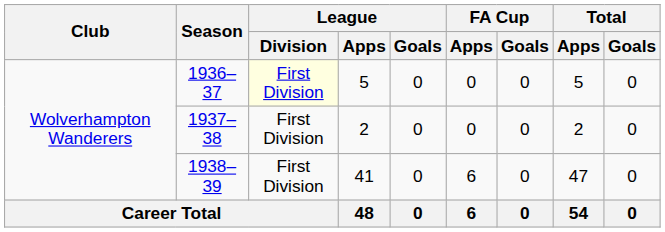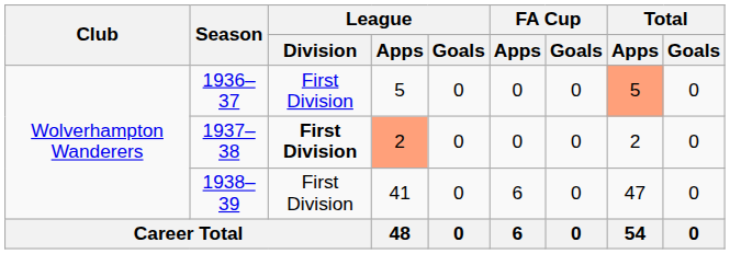 <table class="wikitable" style="text-align: center;">
 <tr>
 <th rowspan="2">Club</th>
 <th rowspan="2">Season</th>
 <th colspan="3">League</th>
 <th colspan="2">FA Cup</th>
 <th colspan="2">Total</th>
 </tr>
 <tr>
 <th>Division</th>
 <th>Apps</th>
 <th>Goals</th>
 <th>Apps</th>
 <th>Goals</th>
 <th>Apps</th>
 <th>Goals</th>
 </tr>
 <tr>
 <td rowspan="3"><a href='#'>Wolverhampton Wanderers</a></td>
 <td><a href='#'>1936–37</a></td>
-<td style="background: lightyellow;"><a href='#'>First Division</a></td>
+<td><a href='#'>First Division</a></td>
 <td>5</td>
 <td>0</td>
 <td>0</td>
 <td>0</td>
-<td>5</td>
+<td style="background: lightsalmon;">5</td>
 <td>0</td>
 </tr>
 <tr>
 <td><a href='#'>1937–38</a></td>
-<td>First Division</td>
-<td>2</td>
+<td><strong>First Division</strong></td>
+<td style="background: lightsalmon;">2</td>
 <td>0</td>
 <td>0</td>
 <td>0</td>
 <td>2</td>
 <td>0</td>
 </tr>
 <tr>
 <td><a href='#'>1938–39</a></td>
 <td>First Division</td>
 <td>41</td>
 <td>0</td>
 <td>6</td>
 <td>0</td>
 <td>47</td>
 <td>0</td>
 </tr>
 <tr>
 <th colspan="3">Career Total</th>
 <th>48</th>
 <th>0</th>
 <th>6</th>
 <th>0</th>
 <th>54</th>
 <th>0</th>
 </tr>
 </table>
